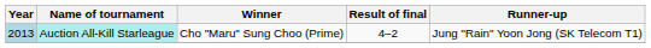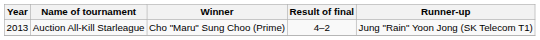 <table class="wikitable" style="text-align:center">
 <tr>
 <th>Year</th>
 <th>Name of tournament</th>
 <th>Winner</th>
 <th>Result of final</th>
 <th>Runner-up</th>
 </tr>
 <tr>
-<td style="background: lightblue;">2013</td>
-<td style="background: paleturquoise;">Auction All-Kill Starleague</td>
+<td>2013</td>
+<td>Auction All-Kill Starleague</td>
 <td>Cho "Maru" Sung Choo (Prime)</td>
 <td>4–2</td>
 <td>Jung "Rain" Yoon Jong (SK Telecom T1)</td>
 </tr>
 <tr>
 </tr>
 </table>
